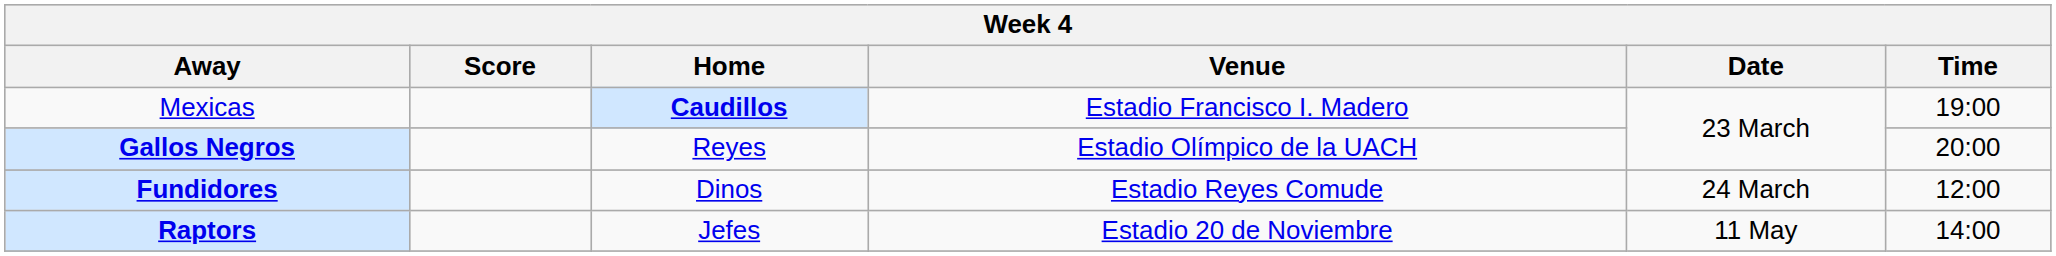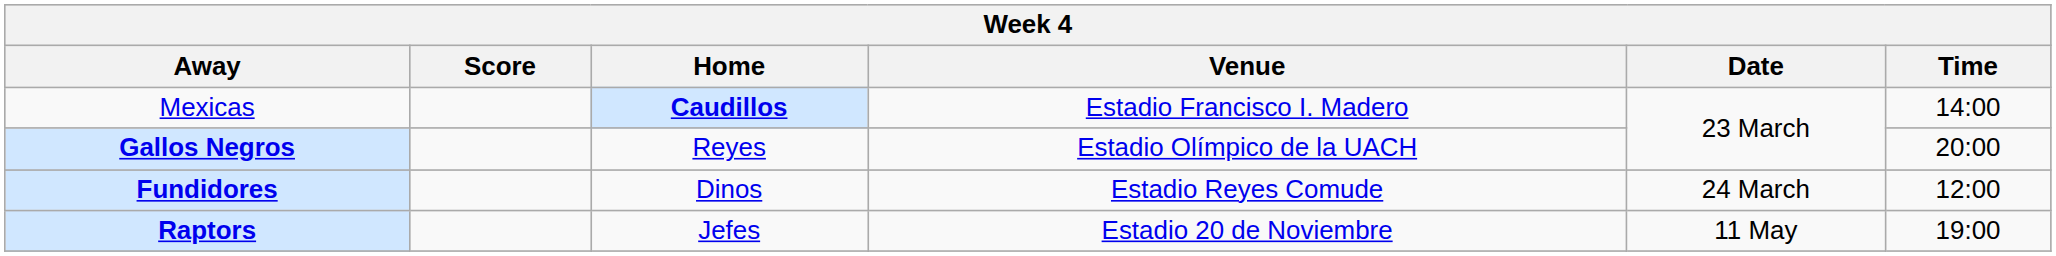 <table class="wikitable mw-collapsible mw-collapsed" style="width:100%;">
 <tr>
 <th colspan="8">Week 4</th>
 </tr>
 <tr>
 <th>Away</th>
 <th>Score</th>
 <th>Home</th>
 <th>Venue</th>
 <th>Date</th>
 <th>Time</th>
 </tr>
 <tr align="center">
 <td><a href='#'>Mexicas</a></td>
 <td></td>
 <td bgcolor="#D0E7FF"><strong><a href='#'>Caudillos</a></strong></td>
 <td><a href='#'>Estadio Francisco I. Madero</a></td>
 <td rowspan=2>23 March</td>
-<td>19:00</td>
+<td>14:00</td>
 </tr>
 <tr align="center">
 <td bgcolor="#D0E7FF"><strong><a href='#'>Gallos Negros</a></strong></td>
 <td></td>
 <td><a href='#'>Reyes</a></td>
 <td><a href='#'>Estadio Olímpico de la UACH</a></td>
 <td>20:00</td>
 </tr>
 <tr align="center">
 <td bgcolor="#D0E7FF"><strong><a href='#'>Fundidores</a></strong></td>
 <td></td>
 <td><a href='#'>Dinos</a></td>
 <td><a href='#'>Estadio Reyes Comude</a></td>
 <td>24 March</td>
 <td>12:00</td>
 </tr>
 <tr align="center">
 <td bgcolor="#D0E7FF"><strong><a href='#'>Raptors</a></strong></td>
 <td></td>
 <td><a href='#'>Jefes</a></td>
 <td><a href='#'>Estadio 20 de Noviembre</a></td>
 <td>11 May</td>
-<td>14:00</td>
+<td>19:00</td>
 </tr>
 </table>
